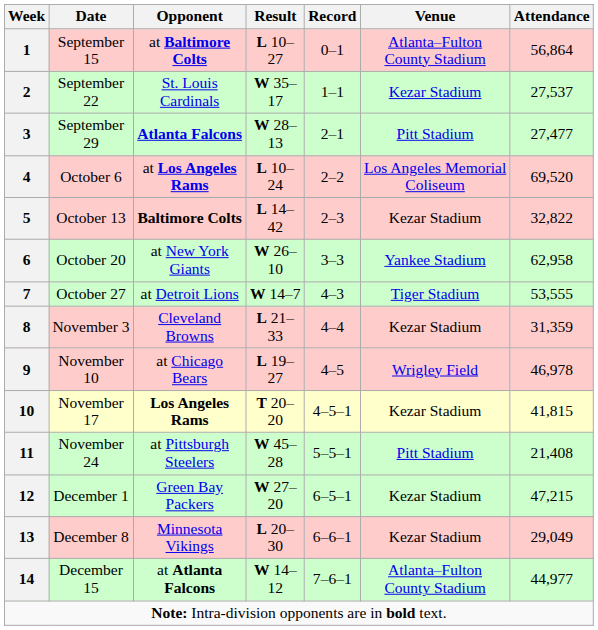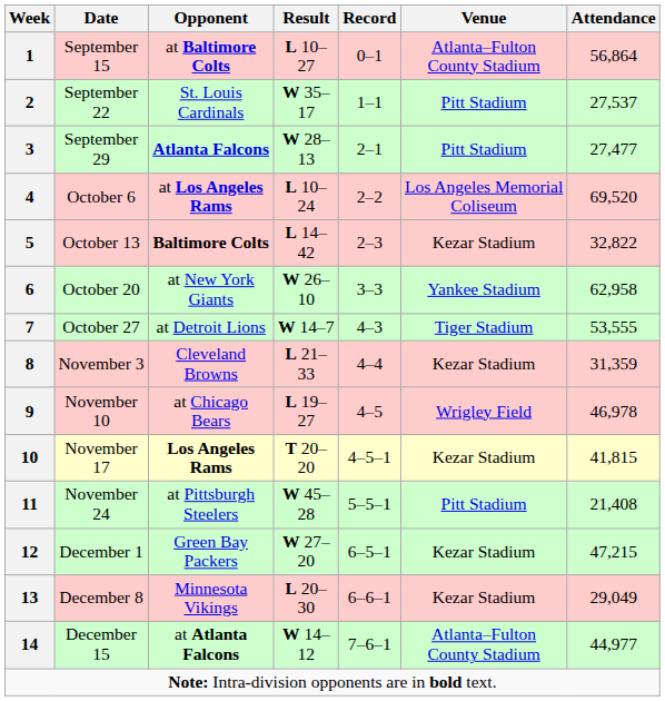 <table class="wikitable" style="text-align:center">
 <tr>
 <th>Week</th>
 <th>Date</th>
 <th>Opponent</th>
 <th>Result</th>
 <th>Record</th>
 <th>Venue</th>
 <th>Attendance</th>
 </tr>
 <tr style="background:#fcc">
 <th>1</th>
 <td>September 15</td>
 <td>at <strong><a href='#'>Baltimore Colts</a></strong></td>
 <td><strong>L</strong> 10–27</td>
 <td>0–1</td>
 <td><a href='#'>Atlanta–Fulton County Stadium</a></td>
 <td>56,864</td>
 </tr>
 <tr style="background:#cfc">
 <th>2</th>
 <td>September 22</td>
 <td><a href='#'>St. Louis Cardinals</a></td>
 <td><strong>W</strong> 35–17</td>
 <td>1–1</td>
-<td><a href='#'>Kezar Stadium</a></td>
+<td><a href='#'>Pitt Stadium</a></td>
 <td>27,537</td>
 </tr>
 <tr style="background:#cfc">
 <th>3</th>
 <td>September 29</td>
 <td><strong><a href='#'>Atlanta Falcons</a></strong></td>
 <td><strong>W</strong> 28–13</td>
 <td>2–1</td>
 <td><a href='#'>Pitt Stadium</a></td>
 <td>27,477</td>
 </tr>
 <tr style="background:#fcc">
 <th>4</th>
 <td>October 6</td>
 <td>at <strong><a href='#'>Los Angeles Rams</a></strong></td>
 <td><strong>L</strong> 10–24</td>
 <td>2–2</td>
 <td><a href='#'>Los Angeles Memorial Coliseum</a></td>
 <td>69,520</td>
 </tr>
 <tr style="background:#fcc">
 <th>5</th>
 <td>October 13</td>
 <td><strong>Baltimore Colts</strong></td>
 <td><strong>L</strong> 14–42</td>
 <td>2–3</td>
 <td>Kezar Stadium</td>
 <td>32,822</td>
 </tr>
 <tr style="background:#cfc">
 <th>6</th>
 <td>October 20</td>
 <td>at <a href='#'>New York Giants</a></td>
 <td><strong>W</strong> 26–10</td>
 <td>3–3</td>
 <td><a href='#'>Yankee Stadium</a></td>
 <td>62,958</td>
 </tr>
 <tr style="background:#cfc">
 <th>7</th>
 <td>October 27</td>
 <td>at <a href='#'>Detroit Lions</a></td>
 <td><strong>W</strong> 14–7</td>
 <td>4–3</td>
 <td><a href='#'>Tiger Stadium</a></td>
 <td>53,555</td>
 </tr>
 <tr style="background:#fcc">
 <th>8</th>
 <td>November 3</td>
 <td><a href='#'>Cleveland Browns</a></td>
 <td><strong>L</strong> 21–33</td>
 <td>4–4</td>
 <td>Kezar Stadium</td>
 <td>31,359</td>
 </tr>
 <tr style="background:#fcc">
 <th>9</th>
 <td>November 10</td>
 <td>at <a href='#'>Chicago Bears</a></td>
 <td><strong>L</strong> 19–27</td>
 <td>4–5</td>
 <td><a href='#'>Wrigley Field</a></td>
 <td>46,978</td>
 </tr>
 <tr style="background:#ffc">
 <th>10</th>
 <td>November 17</td>
 <td><strong>Los Angeles Rams</strong></td>
 <td><strong>T</strong> 20–20</td>
 <td>4–5–1</td>
 <td>Kezar Stadium</td>
 <td>41,815</td>
 </tr>
 <tr style="background:#cfc">
 <th>11</th>
 <td>November 24</td>
 <td>at <a href='#'>Pittsburgh Steelers</a></td>
 <td><strong>W</strong> 45–28</td>
 <td>5–5–1</td>
 <td><a href='#'>Pitt Stadium</a></td>
 <td>21,408</td>
 </tr>
 <tr style="background:#cfc">
 <th>12</th>
 <td>December 1</td>
 <td><a href='#'>Green Bay Packers</a></td>
 <td><strong>W</strong> 27–20</td>
 <td>6–5–1</td>
 <td>Kezar Stadium</td>
 <td>47,215</td>
 </tr>
 <tr style="background:#fcc">
 <th>13</th>
 <td>December 8</td>
 <td><a href='#'>Minnesota Vikings</a></td>
 <td><strong>L</strong> 20–30</td>
 <td>6–6–1</td>
 <td>Kezar Stadium</td>
 <td>29,049</td>
 </tr>
 <tr style="background:#cfc">
 <th>14</th>
 <td>December 15</td>
 <td>at <strong>Atlanta Falcons</strong></td>
 <td><strong>W</strong> 14–12</td>
 <td>7–6–1</td>
 <td><a href='#'>Atlanta–Fulton County Stadium</a></td>
 <td>44,977</td>
 </tr>
 <tr>
 <td colspan="8"><strong>Note:</strong> Intra-division opponents are in <strong>bold</strong> text.</td>
 </tr>
 </table>
